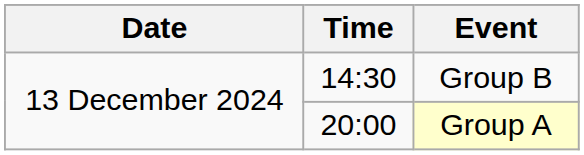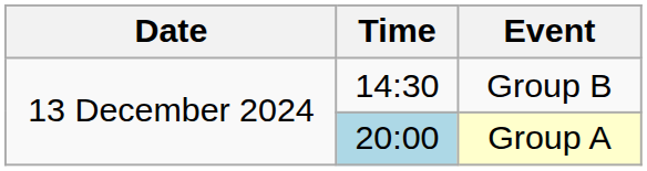 <table class = "wikitable" style="text-align:center;">
 <tr>
 <th width=150>Date</th>
 <th width=50>Time</th>
 <th width=80>Event</th>
 </tr>
 <tr>
 <td rowspan=2>13 December 2024</td>
 <td>14:30</td>
 <td>Group B</td>
 </tr>
 <tr>
-<td>20:00</td>
+<td style="background: lightblue;">20:00</td>
 <td bgcolor="ffffcc">Group A</td>
 </tr>
 </table>
